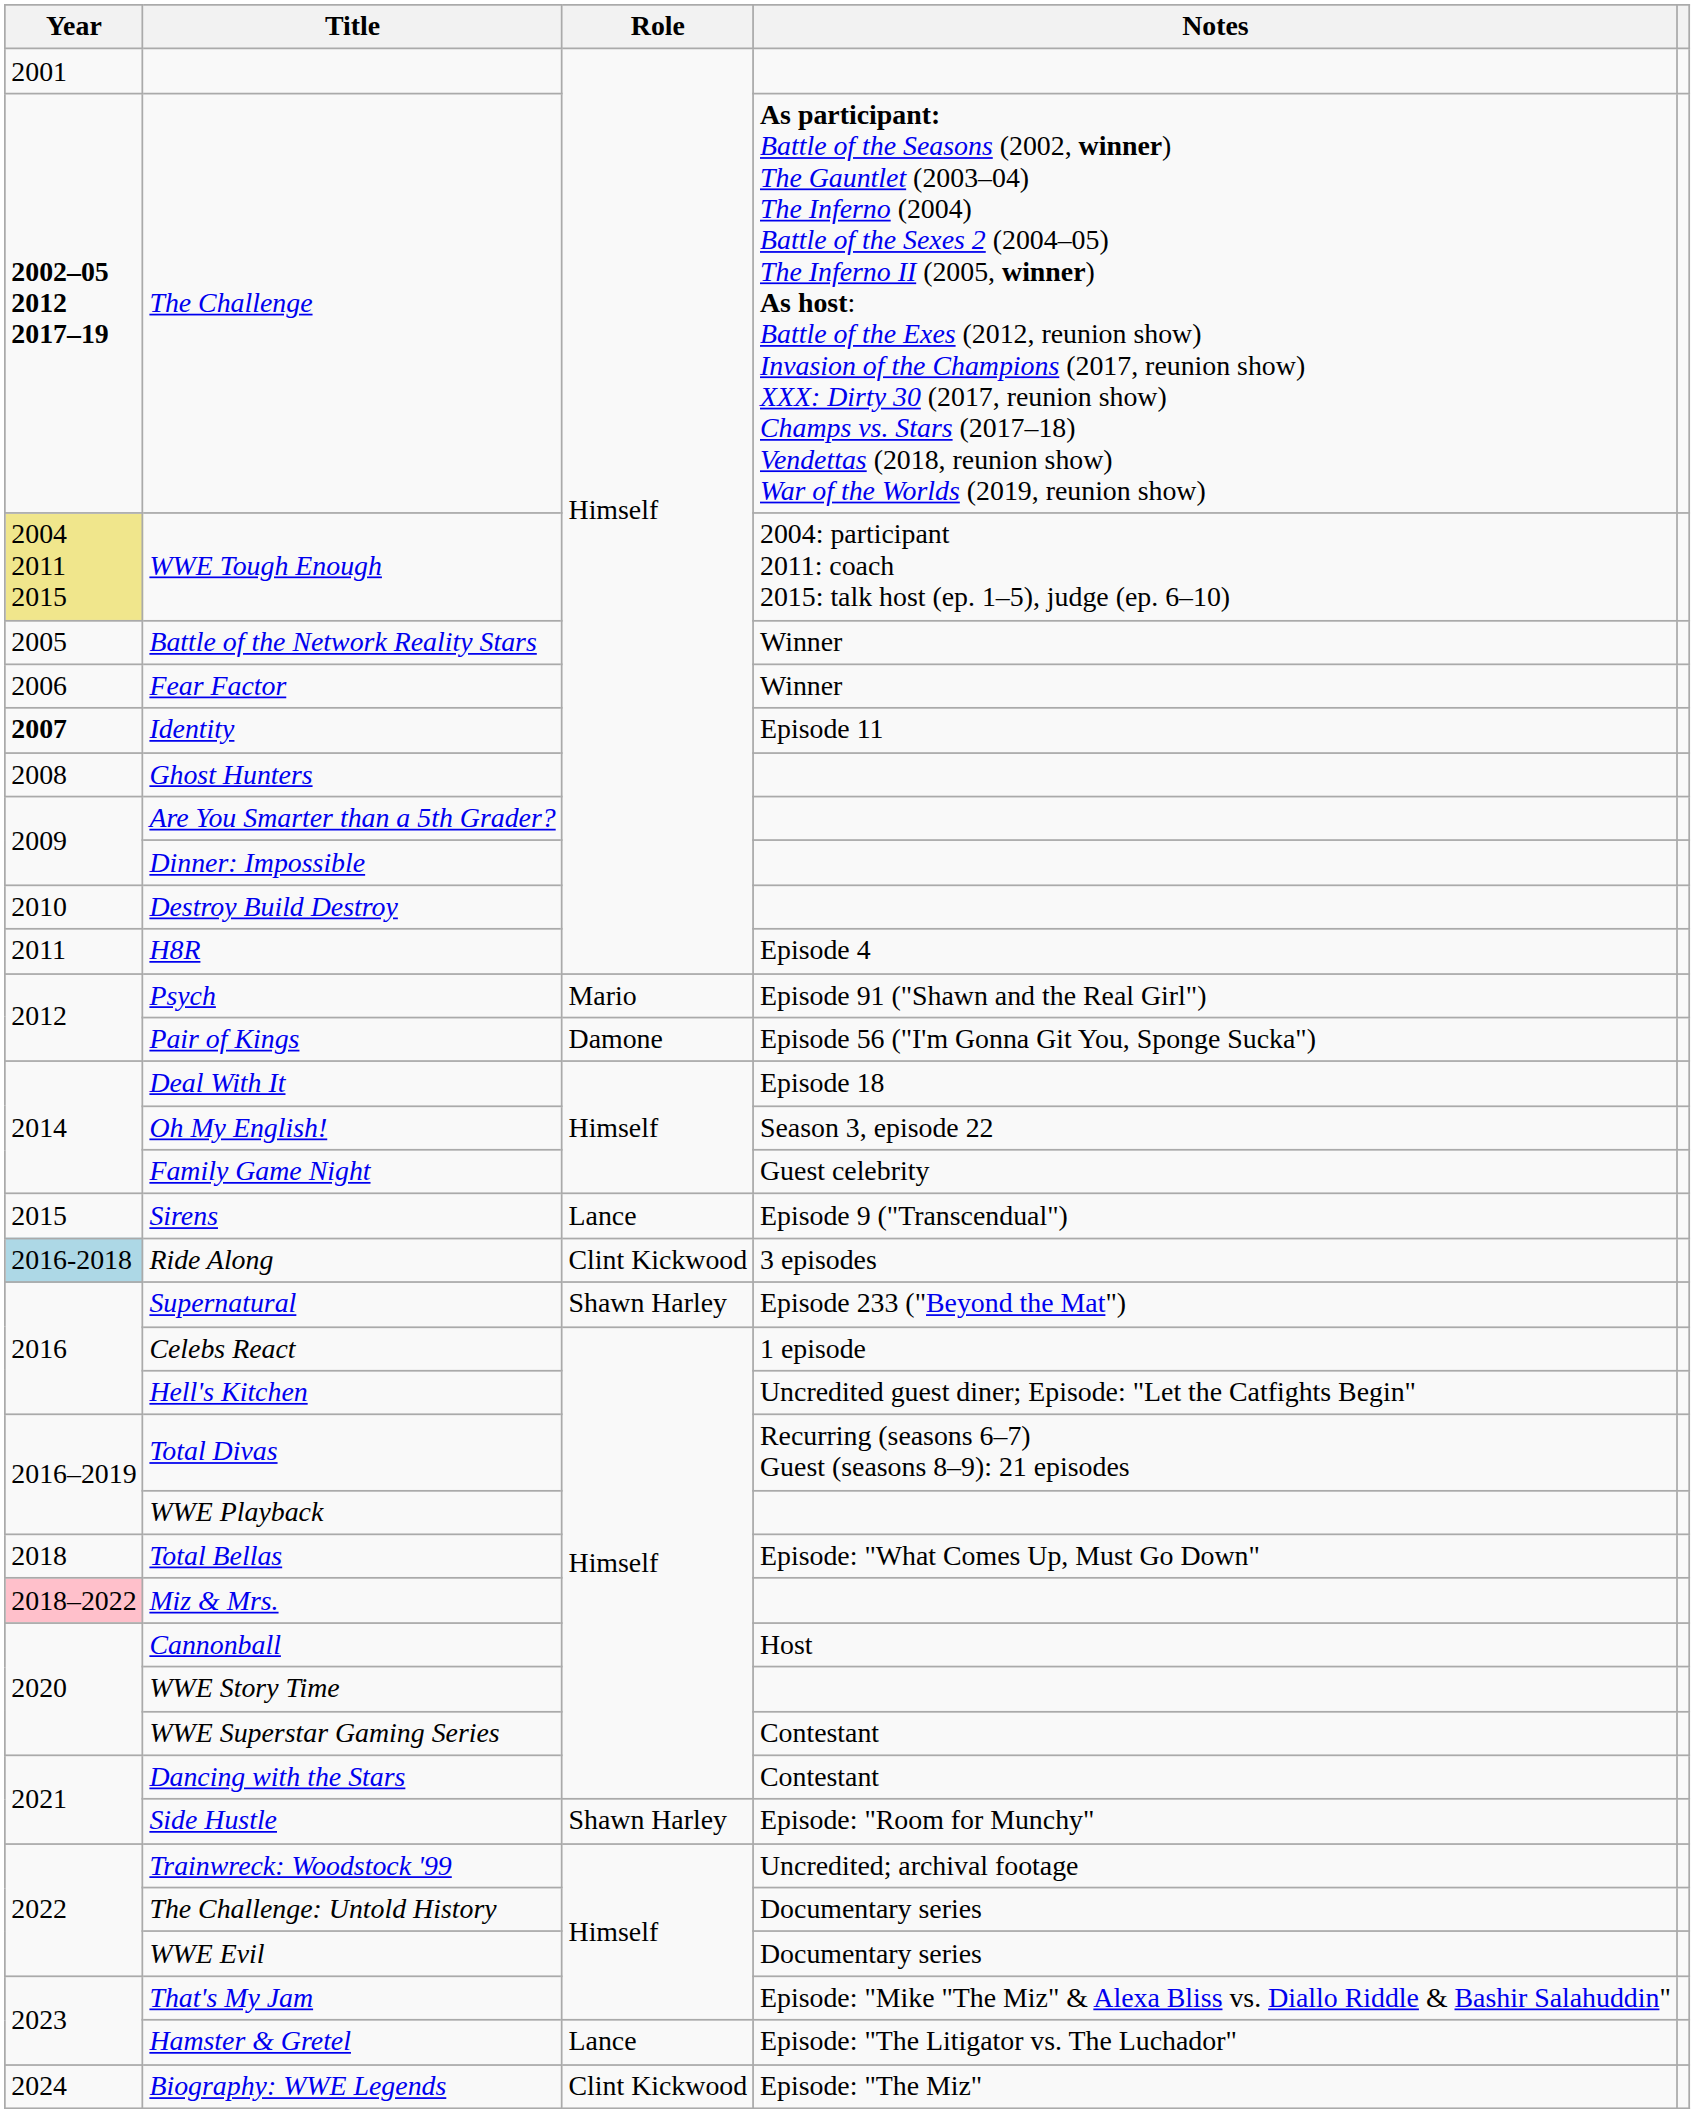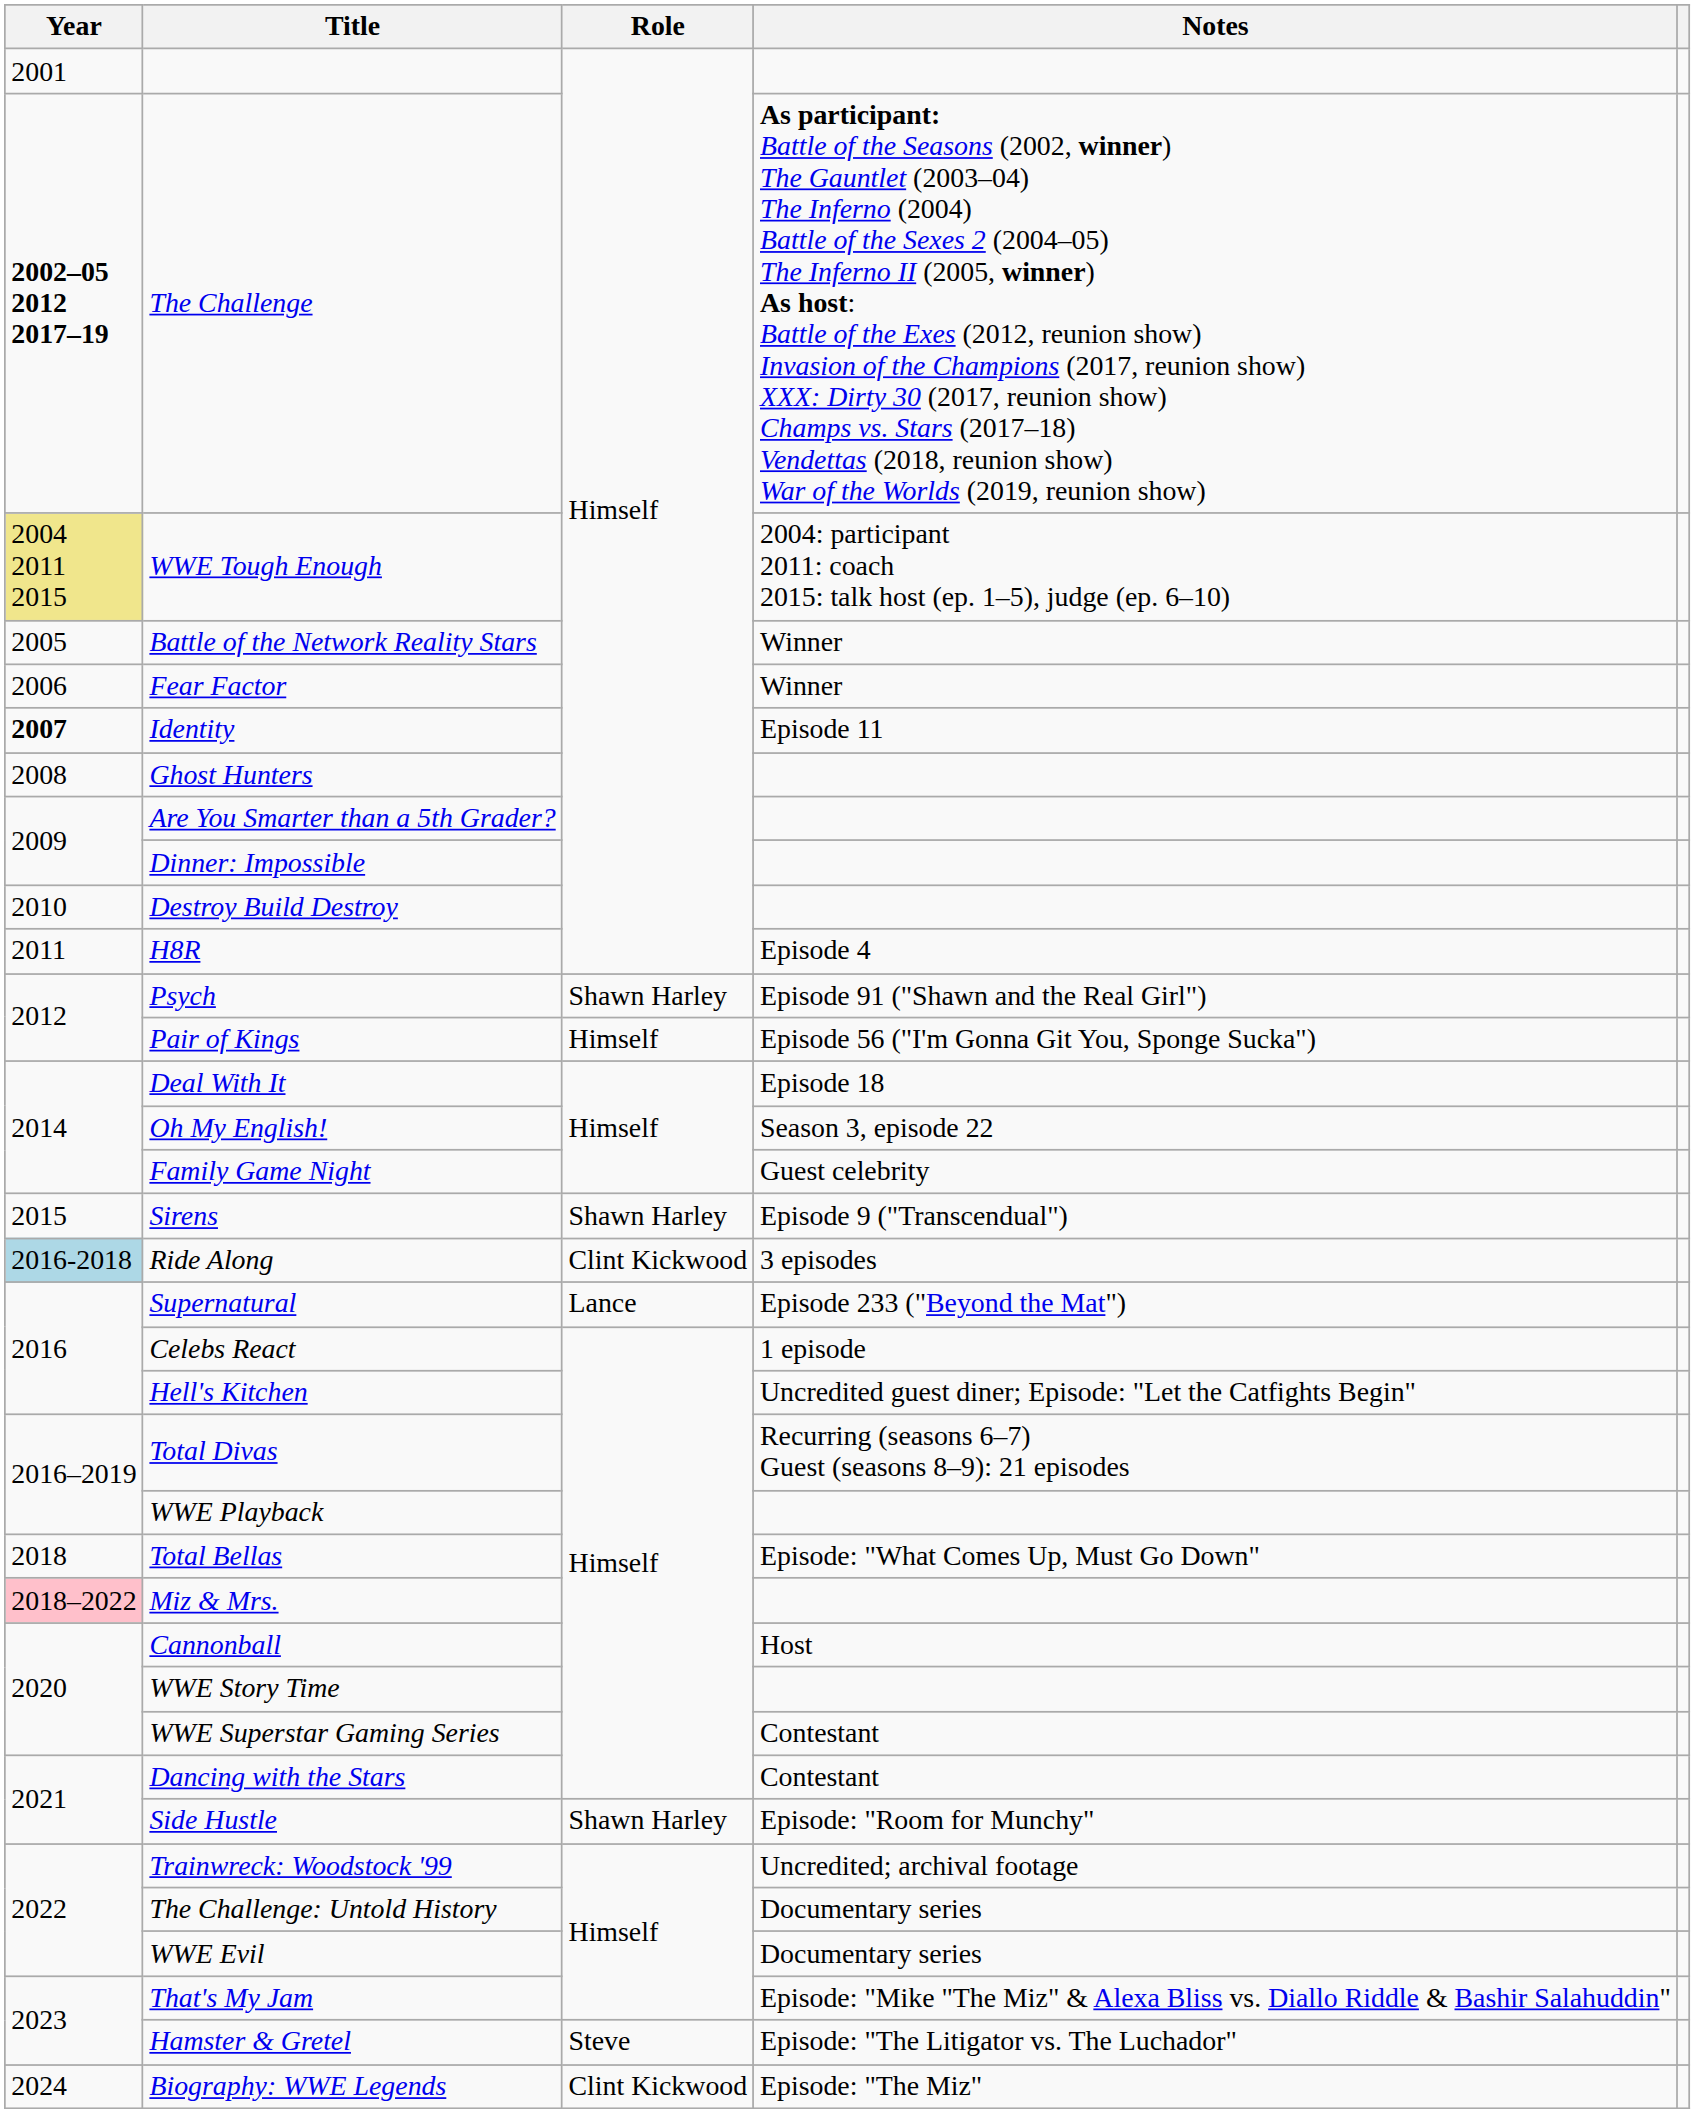 <table class="wikitable sortable plainrowheaders">
 <tr>
 <th scope="col">Year</th>
 <th scope="col">Title</th>
 <th scope="col">Role</th>
 <th scope="col" class="unsortable">Notes</th>
 <th scope="col" class="unsortable"></th>
 </tr>
 <tr>
 <td>2001</td>
 <td><em></em></td>
 <td rowspan="11">Himself</td>
 <td></td>
 <td></td>
 </tr>
 <tr>
 <td><strong>2002–05<br>2012<br>2017–19</strong></td>
 <td><em><a href='#'>The Challenge</a></em></td>
 <td><strong>As participant:</strong><br><em><a href='#'>Battle of the Seasons</a></em> (2002, <strong>winner</strong>)<br><em><a href='#'>The Gauntlet</a></em> (2003–04)<br><em><a href='#'>The Inferno</a></em> (2004)<br><em><a href='#'>Battle of the Sexes 2</a></em> (2004–05)<br><em><a href='#'>The Inferno II</a></em> (2005, <strong>winner</strong>)<br><strong>As host</strong>:<br><em><a href='#'>Battle of the Exes</a></em> (2012, reunion show)<br><em><a href='#'>Invasion of the Champions</a></em> (2017, reunion show)<br><em><a href='#'>XXX: Dirty 30</a></em> (2017, reunion show)<br><em><a href='#'>Champs vs. Stars</a></em> (2017–18)<br><em><a href='#'>Vendettas</a></em> (2018, reunion show)<br><em><a href='#'>War of the Worlds</a></em> (2019, reunion show)</td>
 <td></td>
 </tr>
 <tr>
 <td style="background: khaki;">2004<br>2011<br>2015</td>
 <td><em><a href='#'>WWE Tough Enough</a></em></td>
 <td>2004: participant<br>2011: coach<br>2015: talk host (ep. 1–5), judge (ep. 6–10)</td>
 <td></td>
 </tr>
 <tr>
 <td>2005</td>
 <td><em><a href='#'>Battle of the Network Reality Stars</a></em></td>
 <td>Winner</td>
 <td></td>
 </tr>
 <tr>
 <td>2006</td>
 <td><em><a href='#'>Fear Factor</a></em></td>
 <td>Winner</td>
 <td></td>
 </tr>
 <tr>
 <td><strong>2007</strong></td>
 <td><em><a href='#'>Identity</a></em></td>
 <td>Episode 11</td>
 <td></td>
 </tr>
 <tr>
 <td>2008</td>
 <td><em><a href='#'>Ghost Hunters</a></em></td>
 <td></td>
 <td></td>
 </tr>
 <tr>
 <td rowspan="2">2009</td>
 <td><em><a href='#'>Are You Smarter than a 5th Grader?</a></em></td>
 <td></td>
 <td></td>
 </tr>
 <tr>
 <td><em><a href='#'>Dinner: Impossible</a></em></td>
 <td></td>
 <td></td>
 </tr>
 <tr>
 <td>2010</td>
 <td><em><a href='#'>Destroy Build Destroy</a></em></td>
 <td></td>
 <td></td>
 </tr>
 <tr>
 <td>2011</td>
 <td><em><a href='#'>H8R</a></em></td>
 <td>Episode 4</td>
 <td></td>
 </tr>
 <tr>
 <td rowspan="2">2012</td>
 <td><em><a href='#'>Psych</a></em></td>
-<td>Mario</td>
+<td>Shawn Harley</td>
 <td>Episode 91 ("Shawn and the Real Girl")</td>
 <td></td>
 </tr>
 <tr>
 <td><em><a href='#'>Pair of Kings</a></em></td>
-<td>Damone</td>
+<td>Himself</td>
 <td>Episode 56 ("I'm Gonna Git You, Sponge Sucka")</td>
 <td></td>
 </tr>
 <tr>
 <td rowspan="3">2014</td>
 <td><em><a href='#'>Deal With It</a></em></td>
 <td rowspan="3">Himself</td>
 <td>Episode 18</td>
 <td></td>
 </tr>
 <tr>
 <td><em><a href='#'>Oh My English!</a></em></td>
 <td>Season 3, episode 22</td>
 <td></td>
 </tr>
 <tr>
 <td><em><a href='#'>Family Game Night</a></em></td>
 <td>Guest celebrity</td>
 <td></td>
 </tr>
 <tr>
 <td>2015</td>
 <td><em><a href='#'>Sirens</a></em></td>
-<td>Lance</td>
+<td>Shawn Harley</td>
 <td>Episode 9 ("Transcendual")</td>
 <td></td>
 </tr>
 <tr>
 <td style="background: lightblue;">2016-2018</td>
 <td><em>Ride Along</em></td>
 <td>Clint Kickwood</td>
 <td>3 episodes</td>
 </tr>
 <tr>
 <td rowspan="3">2016</td>
 <td><em><a href='#'>Supernatural</a></em></td>
-<td>Shawn Harley</td>
+<td>Lance</td>
 <td>Episode 233 ("<a href='#'>Beyond the Mat</a>")</td>
 <td></td>
 </tr>
 <tr>
 <td><em>Celebs React</em></td>
 <td rowspan="10">Himself</td>
 <td>1 episode</td>
 <td></td>
 </tr>
 <tr>
 <td><em><a href='#'>Hell's Kitchen</a></em></td>
 <td>Uncredited guest diner; Episode: "Let the Catfights Begin"</td>
 <td></td>
 </tr>
 <tr>
 <td rowspan="2">2016–2019</td>
 <td><em><a href='#'>Total Divas</a></em></td>
 <td>Recurring (seasons 6–7)<br>Guest (seasons 8–9): 21 episodes</td>
 <td></td>
 </tr>
 <tr>
 <td><em>WWE Playback</em></td>
 <td></td>
 <td></td>
 </tr>
 <tr>
 <td>2018</td>
 <td><em><a href='#'>Total Bellas</a></em></td>
 <td>Episode: "What Comes Up, Must Go Down"</td>
 <td></td>
 </tr>
 <tr>
 <td style="background: pink;">2018–2022</td>
 <td><em><a href='#'>Miz & Mrs.</a></em></td>
 <td></td>
 <td></td>
 </tr>
 <tr>
 <td rowspan="3">2020</td>
 <td><em><a href='#'>Cannonball</a></em></td>
 <td>Host</td>
 <td></td>
 </tr>
 <tr>
 <td><em>WWE Story Time</em></td>
 <td></td>
 <td></td>
 </tr>
 <tr>
 <td><em>WWE Superstar Gaming Series</em></td>
 <td>Contestant</td>
 <td></td>
 </tr>
 <tr>
 <td rowspan="2">2021</td>
 <td><em><a href='#'>Dancing with the Stars</a></em></td>
 <td>Contestant</td>
 <td></td>
 </tr>
 <tr>
 <td><em><a href='#'>Side Hustle</a></em></td>
 <td>Shawn Harley</td>
 <td>Episode: "Room for Munchy"</td>
 <td></td>
 </tr>
 <tr>
 <td rowspan="3">2022</td>
 <td><em><a href='#'>Trainwreck: Woodstock '99</a></em></td>
 <td rowspan="4">Himself</td>
 <td>Uncredited; archival footage</td>
 <td></td>
 </tr>
 <tr>
 <td><em>The Challenge: Untold History</em></td>
 <td>Documentary series</td>
 <td></td>
 </tr>
 <tr>
 <td><em>WWE Evil</em></td>
 <td>Documentary series</td>
 <td></td>
 </tr>
 <tr>
 <td rowspan="2">2023</td>
 <td><em><a href='#'>That's My Jam</a></em></td>
 <td>Episode: "Mike "The Miz" & <a href='#'>Alexa Bliss</a> vs. <a href='#'>Diallo Riddle</a> & <a href='#'>Bashir Salahuddin</a>"</td>
 <td></td>
 </tr>
 <tr>
 <td><em><a href='#'>Hamster & Gretel</a></em></td>
-<td>Lance</td>
+<td>Steve</td>
 <td>Episode: "The Litigator vs. The Luchador"</td>
 <td></td>
 </tr>
 <tr>
 <td rowspan="1">2024</td>
 <td><em><a href='#'>Biography: WWE Legends</a></em></td>
 <td>Clint Kickwood</td>
 <td>Episode: "The Miz"</td>
 <td></td>
 </tr>
 <tr>
 </tr>
 </table>
